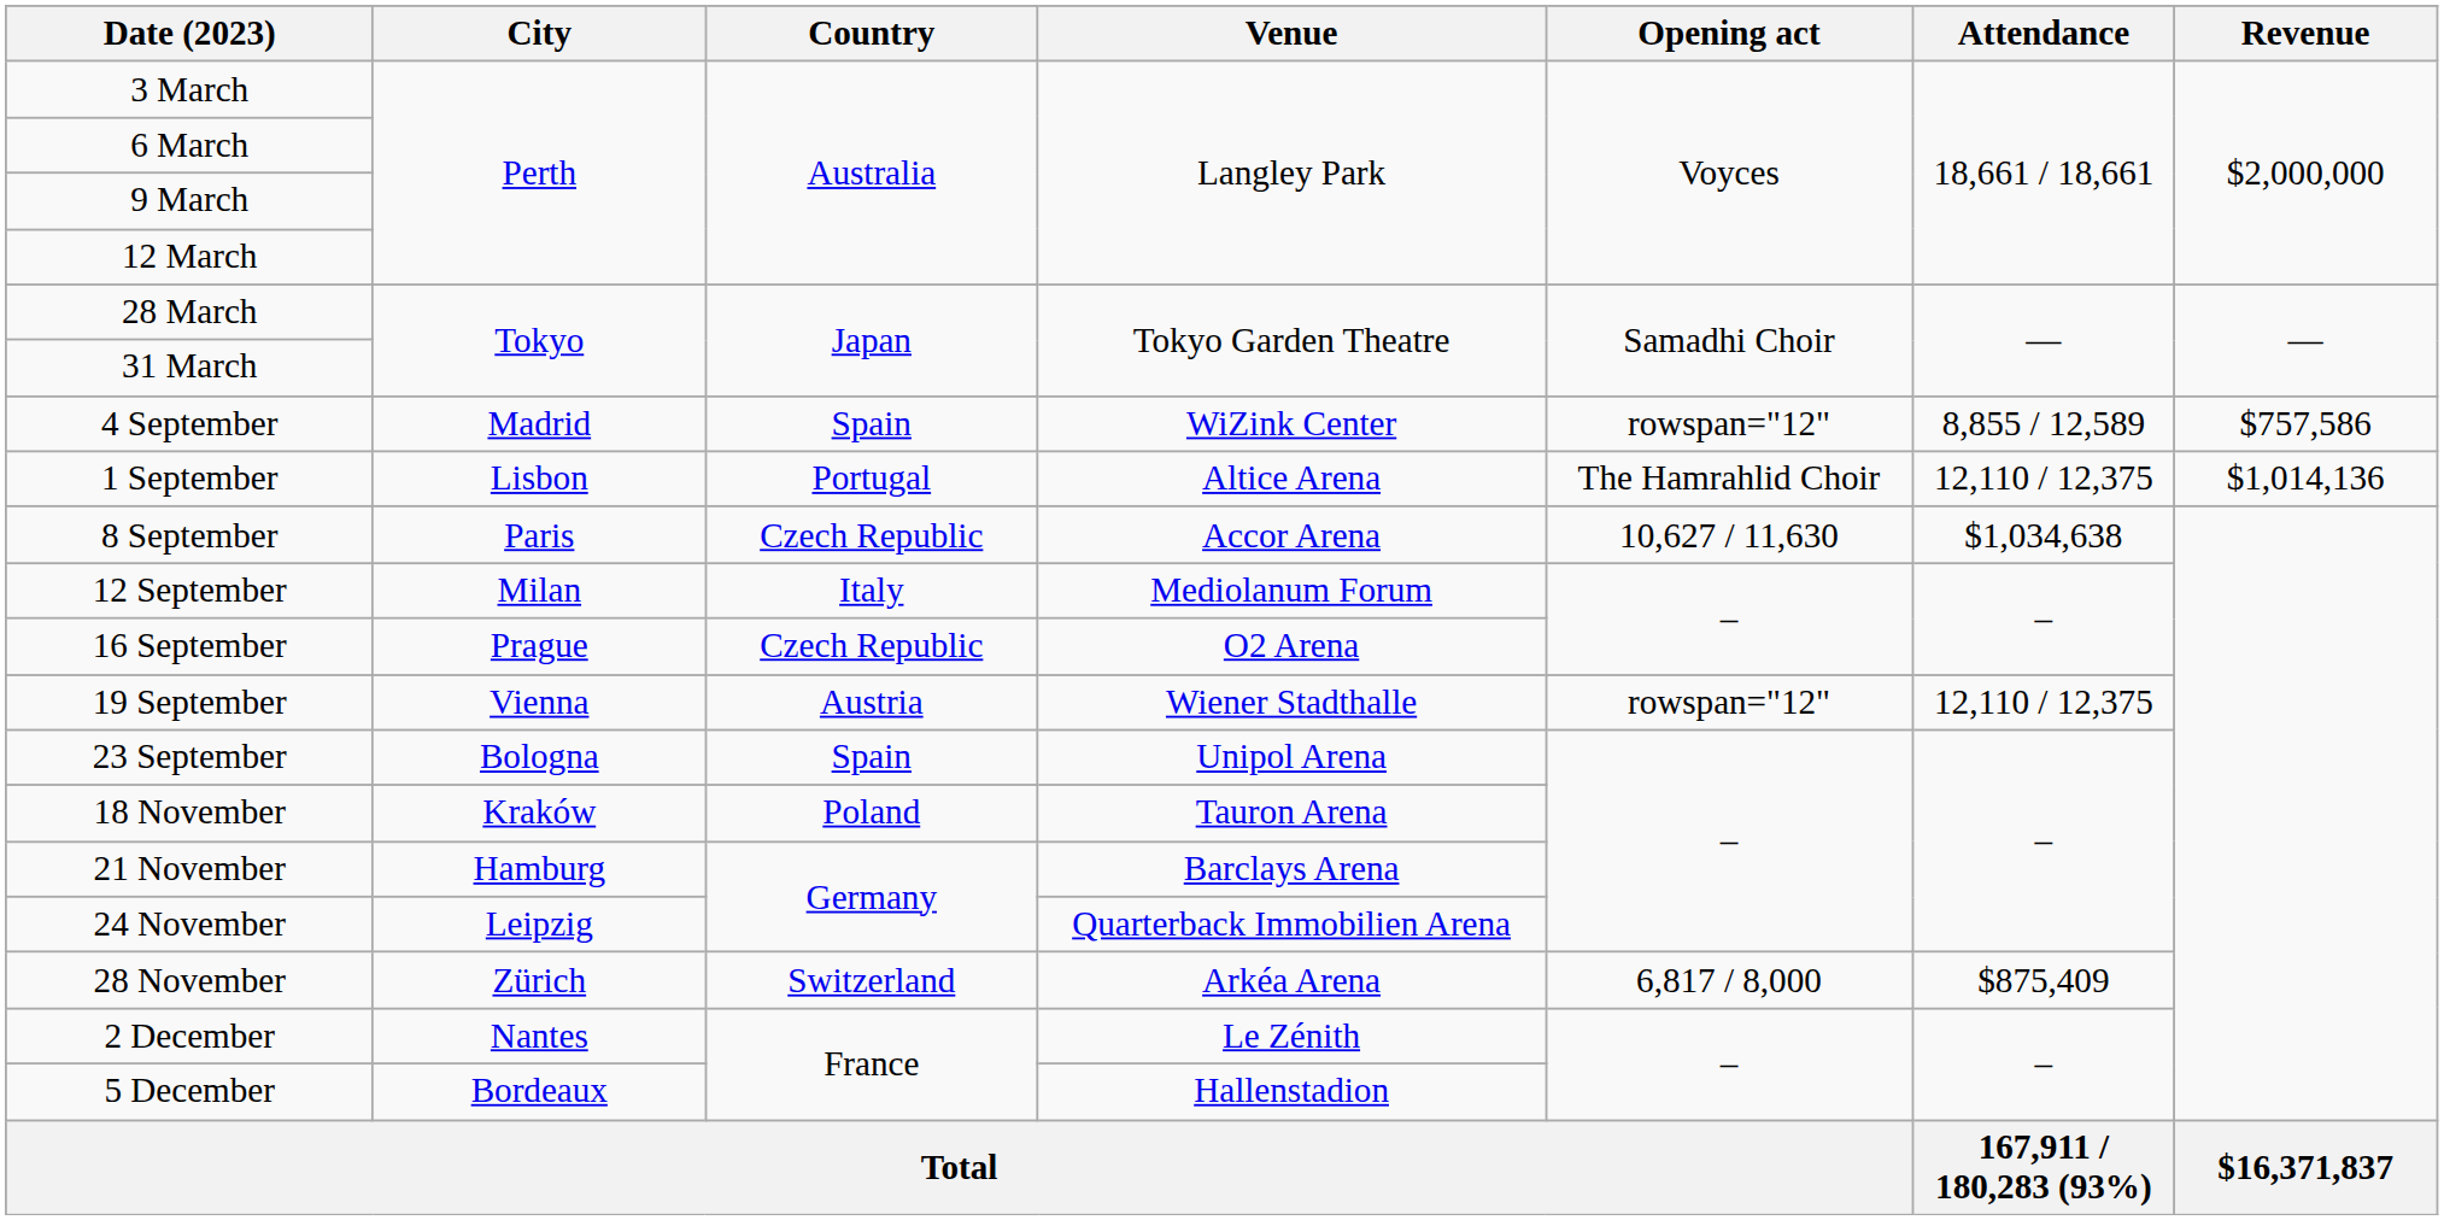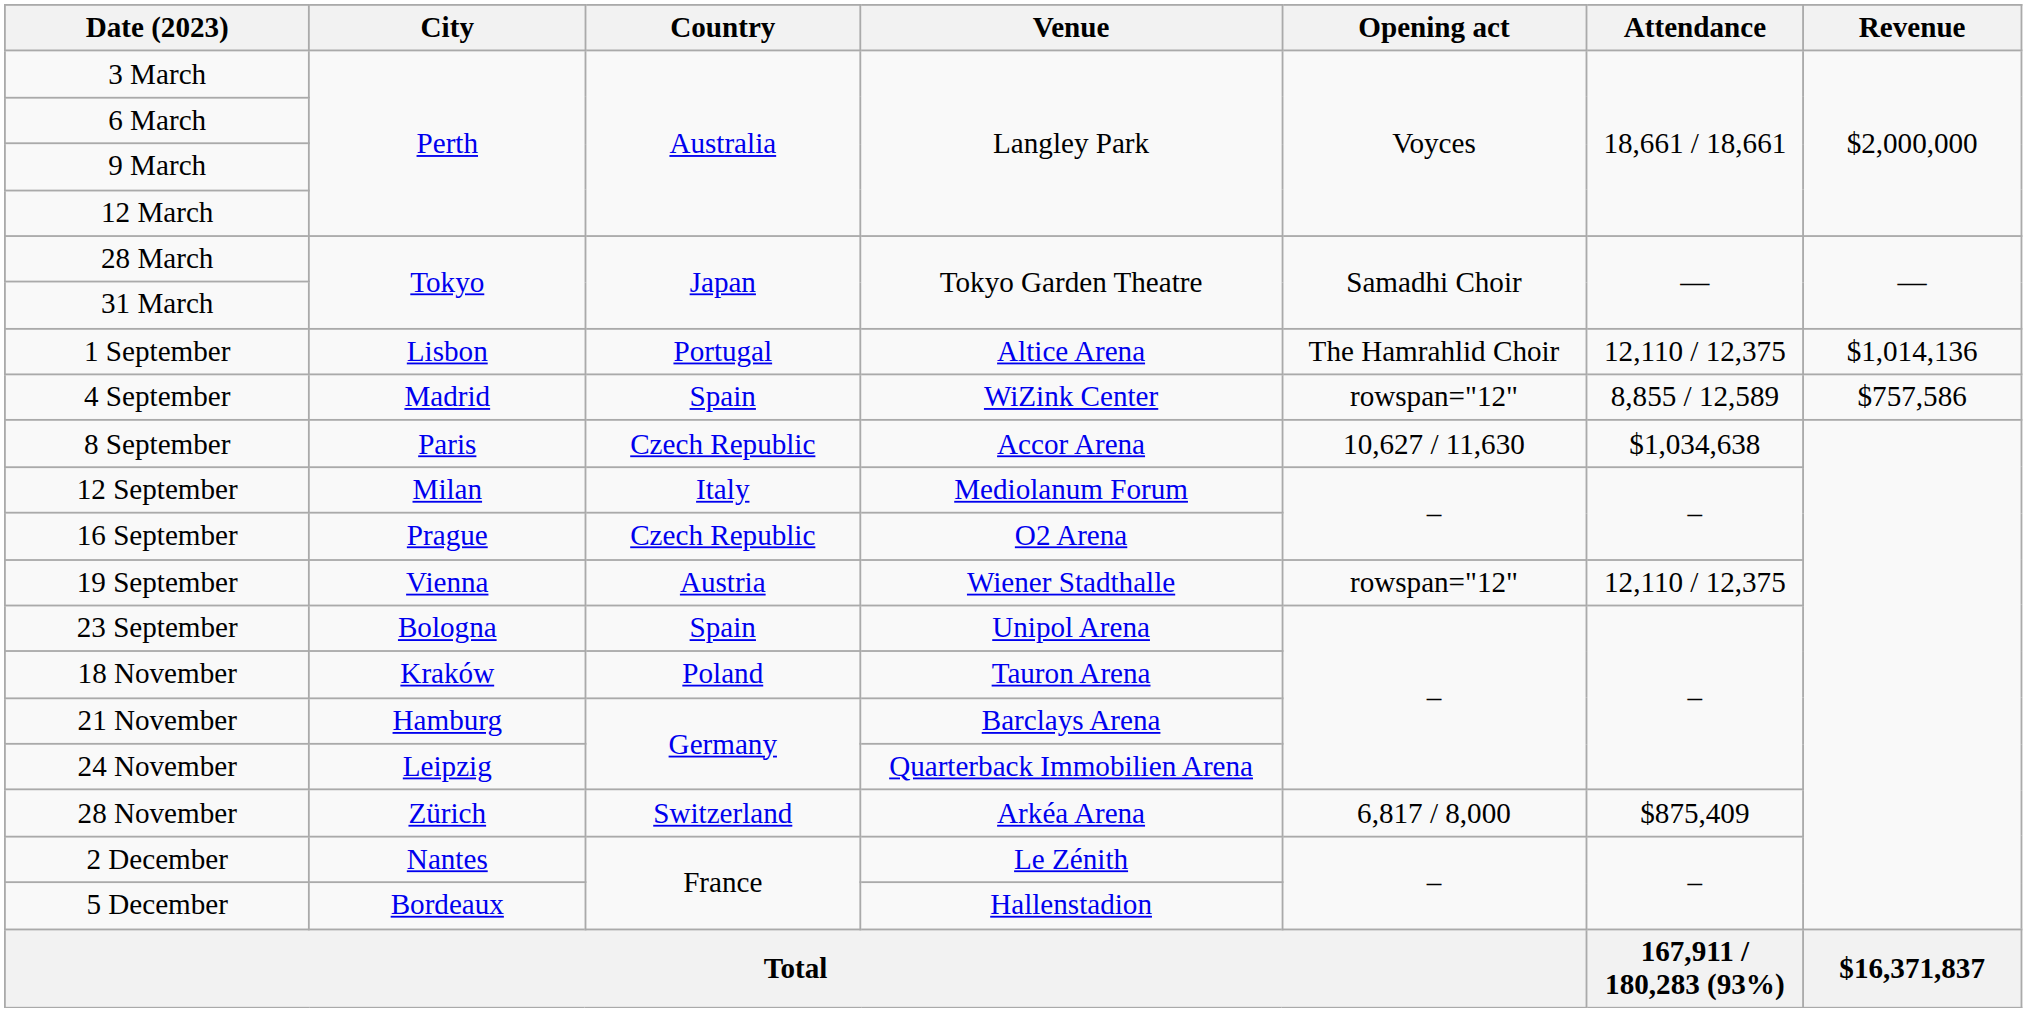 <table class="wikitable plainrowheaders" style="text-align: center;">
 <tr>
 <th scope="col" style="width:10em;">Date (2023)</th>
 <th scope="col" style="width:9em;">City</th>
 <th scope="col" style="width:9em;">Country</th>
 <th scope="col" style="width:14em;">Venue</th>
 <th scope="col" style="width:10em;">Opening act</th>
 <th scope="col" style="width:7em;">Attendance</th>
 <th scope="col" style="width:7em;">Revenue</th>
 </tr>
 <tr>
 <td>3 March</td>
 <td rowspan=4><a href='#'>Perth</a></td>
 <td rowspan=4><a href='#'>Australia</a></td>
 <td rowspan=4>Langley Park</td>
 <td rowspan=4>Voyces</td>
 <td rowspan=4>18,661 / 18,661</td>
 <td rowspan=4>$2,000,000</td>
 </tr>
 <tr>
 <td>6 March</td>
 </tr>
 <tr>
 <td>9 March</td>
 </tr>
 <tr>
 <td>12 March</td>
 </tr>
 <tr>
 <td>28 March</td>
 <td rowspan=2><a href='#'>Tokyo</a></td>
 <td rowspan=2><a href='#'>Japan</a></td>
 <td rowspan=2>Tokyo Garden Theatre</td>
 <td rowspan=2>Samadhi Choir</td>
 <td rowspan=2>—</td>
 <td rowspan=2>—</td>
 </tr>
 <tr>
 <td>31 March</td>
 </tr>
 <tr>
+<td>1 September</td>
+<td><a href='#'>Lisbon</a></td>
+<td><a href='#'>Portugal</a></td>
+<td><a href='#'>Altice Arena</a></td>
+<td>The Hamrahlid Choir</td>
+<td>12,110 / 12,375</td>
+<td>$1,014,136</td>
+</tr>
+<tr>
 <td>4 September</td>
 <td><a href='#'>Madrid</a></td>
 <td><a href='#'>Spain</a></td>
 <td><a href='#'>WiZink Center</a></td>
 <td>rowspan="12" </td>
 <td>8,855 / 12,589</td>
 <td>$757,586</td>
-</tr>
-<tr>
-<td>1 September</td>
-<td><a href='#'>Lisbon</a></td>
-<td><a href='#'>Portugal</a></td>
-<td><a href='#'>Altice Arena</a></td>
-<td>The Hamrahlid Choir</td>
-<td>12,110 / 12,375</td>
-<td>$1,014,136</td>
 </tr>
 <tr>
 <td>8 September</td>
 <td><a href='#'>Paris</a></td>
 <td><a href='#'>Czech Republic</a></td>
 <td><a href='#'>Accor Arena</a></td>
 <td>10,627 / 11,630</td>
 <td>$1,034,638</td>
 </tr>
 <tr>
 <td>12 September</td>
 <td><a href='#'>Milan</a></td>
 <td><a href='#'>Italy</a></td>
 <td><a href='#'>Mediolanum Forum</a></td>
 <td rowspan=2>–</td>
 <td rowspan=2>–</td>
 </tr>
 <tr>
 <td>16 September</td>
 <td><a href='#'>Prague</a></td>
 <td><a href='#'>Czech Republic</a></td>
 <td><a href='#'>O2 Arena</a></td>
 </tr>
 <tr>
 <td>19 September</td>
 <td><a href='#'>Vienna</a></td>
 <td><a href='#'>Austria</a></td>
 <td><a href='#'>Wiener Stadthalle</a></td>
 <td>rowspan="12" </td>
 <td>12,110 / 12,375</td>
 </tr>
 <tr>
 <td>23 September</td>
 <td><a href='#'>Bologna</a></td>
 <td><a href='#'>Spain</a></td>
 <td><a href='#'>Unipol Arena</a></td>
 <td rowspan=4>–</td>
 <td rowspan=4>–</td>
 </tr>
 <tr>
 <td>18 November</td>
 <td><a href='#'>Kraków</a></td>
 <td><a href='#'>Poland</a></td>
 <td><a href='#'>Tauron Arena</a></td>
 </tr>
 <tr>
 <td>21 November</td>
 <td><a href='#'>Hamburg</a></td>
 <td rowspan=2><a href='#'>Germany</a></td>
 <td><a href='#'>Barclays Arena</a></td>
 </tr>
 <tr>
 <td>24 November</td>
 <td><a href='#'>Leipzig</a></td>
 <td><a href='#'>Quarterback Immobilien Arena</a></td>
 </tr>
 <tr>
 <td>28 November</td>
 <td><a href='#'>Zürich</a></td>
 <td><a href='#'>Switzerland</a></td>
 <td><a href='#'>Arkéa Arena</a></td>
 <td>6,817 / 8,000</td>
 <td>$875,409</td>
 </tr>
 <tr>
 <td>2 December</td>
 <td><a href='#'>Nantes</a></td>
 <td rowspan=2>France</td>
 <td><a href='#'>Le Zénith</a></td>
 <td rowspan=2>–</td>
 <td rowspan=2>–</td>
 </tr>
 <tr>
 <td>5 December</td>
 <td><a href='#'>Bordeaux</a></td>
 <td><a href='#'>Hallenstadion</a></td>
 </tr>
 <tr>
 <th colspan="5"><strong>Total</strong></th>
 <th>167,911 / 180,283 (93%)</th>
 <th>$16,371,837</th>
 </tr>
 </table>
